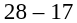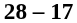 <table style="text-align:center">
 <tr>
 <th width=200></th>
 <th width=100></th>
 <th width=200></th>
 </tr>
 <tr>
 <td align=right><strong></strong></td>
-<td>28 – 17</td>
+<td><strong>28 – 17</strong></td>
 <td align=left></td>
 </tr>
 </table>
